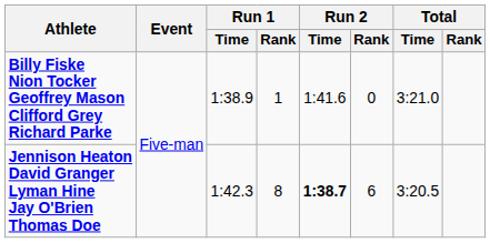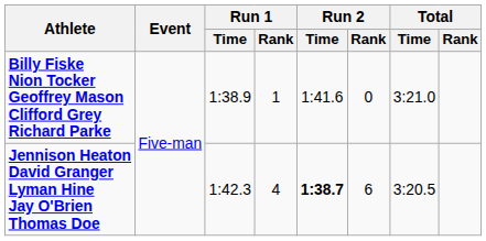 <table class=wikitable style=font-size:90%;text-align:center>
 <tr>
 <th rowspan=2>Athlete</th>
 <th rowspan=2>Event</th>
 <th colspan=2>Run 1</th>
 <th colspan=2>Run 2</th>
 <th colspan=2>Total</th>
 </tr>
 <tr style=font-size:95%>
 <th>Time</th>
 <th>Rank</th>
 <th>Time</th>
 <th>Rank</th>
 <th>Time</th>
 <th>Rank</th>
 </tr>
 <tr>
 <td align=left><strong><a href='#'>Billy Fiske</a><br><a href='#'>Nion Tocker</a><br><a href='#'>Geoffrey Mason</a><br><a href='#'>Clifford Grey</a><br><a href='#'>Richard Parke</a></strong></td>
 <td align=left rowspan=2><a href='#'>Five-man</a></td>
 <td>1:38.9</td>
 <td>1</td>
 <td>1:41.6</td>
 <td>0</td>
 <td>3:21.0</td>
 <td></td>
 </tr>
 <tr>
 <td align=left><strong><a href='#'>Jennison Heaton</a><br><a href='#'>David Granger</a><br><a href='#'>Lyman Hine</a><br><a href='#'>Jay O'Brien</a><br><a href='#'>Thomas Doe</a></strong></td>
 <td>1:42.3</td>
-<td>8</td>
+<td>4</td>
 <td><strong>1:38.7</strong></td>
 <td>6</td>
 <td>3:20.5</td>
 <td></td>
 </tr>
 </table>
